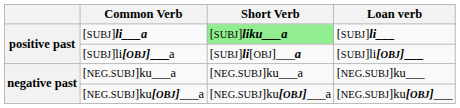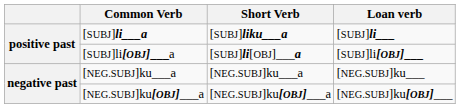 <table class="wikitable">
 <tr>
 <th></th>
 <th>Common Verb</th>
 <th>Short Verb</th>
 <th>Loan verb</th>
 </tr>
 <tr>
 <th rowspan="2">positive past</th>
 <td>[<small>SUBJ</small>]<strong><em>li<strong>___</strong>a</em></strong></td>
-<td style="background: lightgreen;">[<small>SUBJ</small>]<strong><em>liku<strong>___</strong>a</em></strong></td>
+<td>[<small>SUBJ</small>]<strong><em>liku<strong>___</strong>a</em></strong></td>
 <td>[<small>SUBJ</small>]<strong><em>li<strong>___<em></td>
 </tr>
 <tr>
 <td>[<small>SUBJ</small>]</em></strong>li<strong><em>[<small>OBJ</small>]</em>___</strong>a</em></strong></td>
 <td>[<small>SUBJ</small>]<strong><em>li</em></strong>[<small>OBJ</small>]<em>___<strong>a<strong><em></td>
 <td>[<small>SUBJ</small>]</em></strong>li<strong><em>[<small>OBJ</small>]</em>___<em></td>
 </tr>
 <tr>
 <th rowspan="2">negative past</th>
 <td>[<small>NEG.SUBJ</small>]</em></strong>ku___a<strong><em></td>
 <td>[<small>NEG.SUBJ</small>]</em></strong>ku___a<strong><em></td>
 <td>[<small>NEG.SUBJ</small>]</em></strong>ku___<strong><em></td>
 </tr>
 <tr>
 <td>[<small>NEG.SUBJ</small>]</em></strong>ku<strong><em>[<small>OBJ</small>]</em></strong>___a<strong><em></td>
 <td>[<small>NEG.SUBJ</small>]</em></strong>ku<strong><em>[<small>OBJ</small>]</em></strong>___a<strong><em></td>
 <td>[<small>NEG.SUBJ</small>]</em></strong>ku<strong><em>[<small>OBJ</small>]</em></strong>___<strong><em></td>
 </tr>
 </table>
